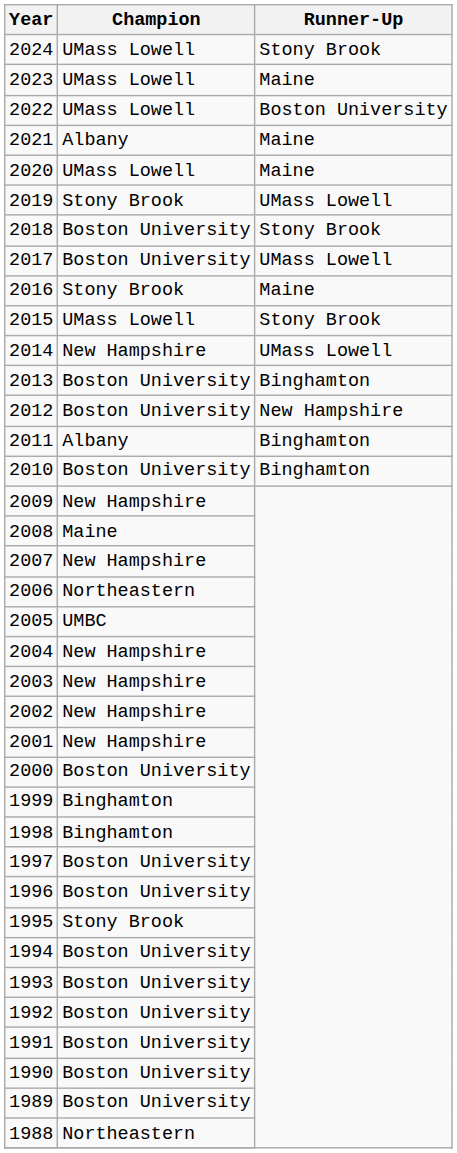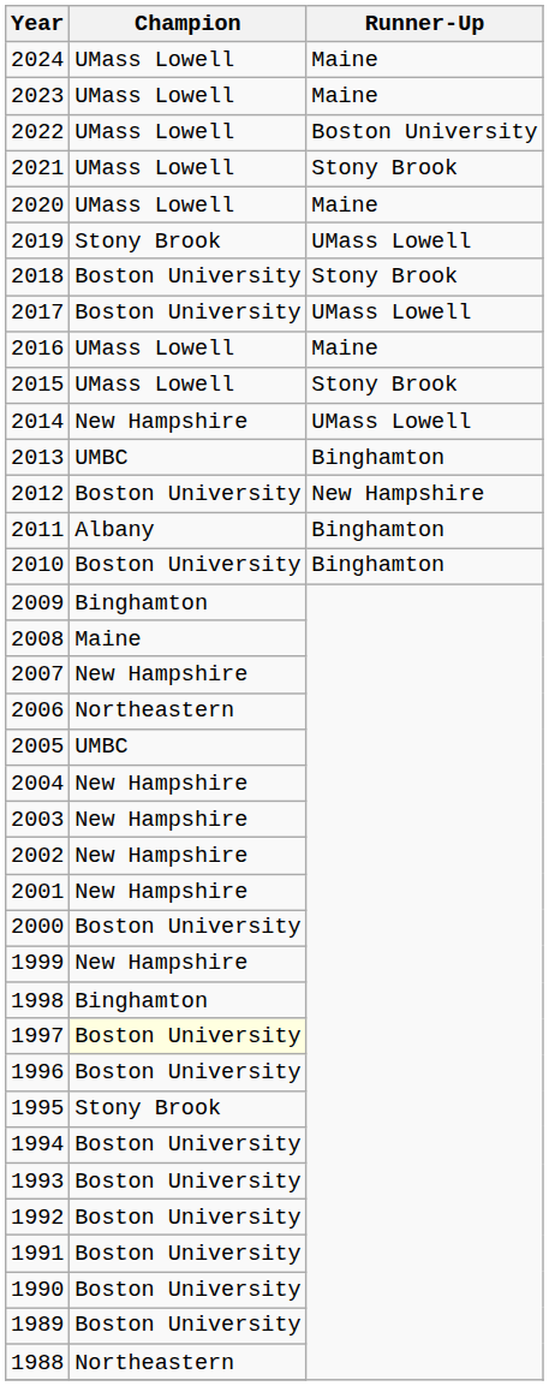 <table class="wikitable sortable">
 <tr>
 <th>Year</th>
 <th>Champion</th>
 <th>Runner-Up</th>
 </tr>
 <tr>
 <td>2024</td>
 <td>UMass Lowell</td>
-<td>Stony Brook</td>
+<td>Maine</td>
 </tr>
 <tr>
 <td>2023</td>
 <td>UMass Lowell</td>
 <td>Maine</td>
 </tr>
 <tr>
 <td>2022</td>
 <td>UMass Lowell</td>
 <td>Boston University</td>
 </tr>
 <tr>
 <td>2021</td>
-<td>Albany</td>
-<td>Maine</td>
+<td>UMass Lowell</td>
+<td>Stony Brook</td>
 </tr>
 <tr>
 <td>2020</td>
 <td>UMass Lowell</td>
 <td>Maine</td>
 </tr>
 <tr>
 <td>2019</td>
 <td>Stony Brook</td>
 <td>UMass Lowell</td>
 </tr>
 <tr>
 <td>2018</td>
 <td>Boston University</td>
 <td>Stony Brook</td>
 </tr>
 <tr>
 <td>2017</td>
 <td>Boston University</td>
 <td>UMass Lowell</td>
 </tr>
 <tr>
 <td>2016</td>
-<td>Stony Brook</td>
+<td>UMass Lowell</td>
 <td>Maine</td>
 </tr>
 <tr>
 <td>2015</td>
 <td>UMass Lowell</td>
 <td>Stony Brook</td>
 </tr>
 <tr>
 <td>2014</td>
 <td>New Hampshire</td>
 <td>UMass Lowell</td>
 </tr>
 <tr>
 <td>2013</td>
-<td>Boston University</td>
+<td>UMBC</td>
 <td>Binghamton</td>
 </tr>
 <tr>
 <td>2012</td>
 <td>Boston University</td>
 <td>New Hampshire</td>
 </tr>
 <tr>
 <td>2011</td>
 <td>Albany</td>
 <td>Binghamton</td>
 </tr>
 <tr>
 <td>2010</td>
 <td>Boston University</td>
 <td>Binghamton</td>
 </tr>
 <tr>
 <td>2009</td>
-<td>New Hampshire</td>
+<td>Binghamton</td>
 </tr>
 <tr>
 <td>2008</td>
 <td>Maine</td>
 </tr>
 <tr>
 <td>2007</td>
 <td>New Hampshire</td>
 </tr>
 <tr>
 <td>2006</td>
 <td>Northeastern</td>
 </tr>
 <tr>
 <td>2005</td>
 <td>UMBC</td>
 </tr>
 <tr>
 <td>2004</td>
 <td>New Hampshire</td>
 </tr>
 <tr>
 <td>2003</td>
 <td>New Hampshire</td>
 </tr>
 <tr>
 <td>2002</td>
 <td>New Hampshire</td>
 </tr>
 <tr>
 <td>2001</td>
 <td>New Hampshire</td>
 </tr>
 <tr>
 <td>2000</td>
 <td>Boston University</td>
 </tr>
 <tr>
 <td>1999</td>
-<td>Binghamton</td>
+<td>New Hampshire</td>
 </tr>
 <tr>
 <td>1998</td>
 <td>Binghamton</td>
 </tr>
 <tr>
 <td>1997</td>
-<td>Boston University</td>
+<td style="background: lightyellow;">Boston University</td>
 </tr>
 <tr>
 <td>1996</td>
 <td>Boston University</td>
 </tr>
 <tr>
 <td>1995</td>
 <td>Stony Brook</td>
 </tr>
 <tr>
 <td>1994</td>
 <td>Boston University</td>
 </tr>
 <tr>
 <td>1993</td>
 <td>Boston University</td>
 </tr>
 <tr>
 <td>1992</td>
 <td>Boston University</td>
 </tr>
 <tr>
 <td>1991</td>
 <td>Boston University</td>
 </tr>
 <tr>
 <td>1990</td>
 <td>Boston University</td>
 </tr>
 <tr>
 <td>1989</td>
 <td>Boston University</td>
 </tr>
 <tr>
 <td>1988</td>
 <td>Northeastern</td>
 </tr>
 <tr>
 </tr>
 </table>
